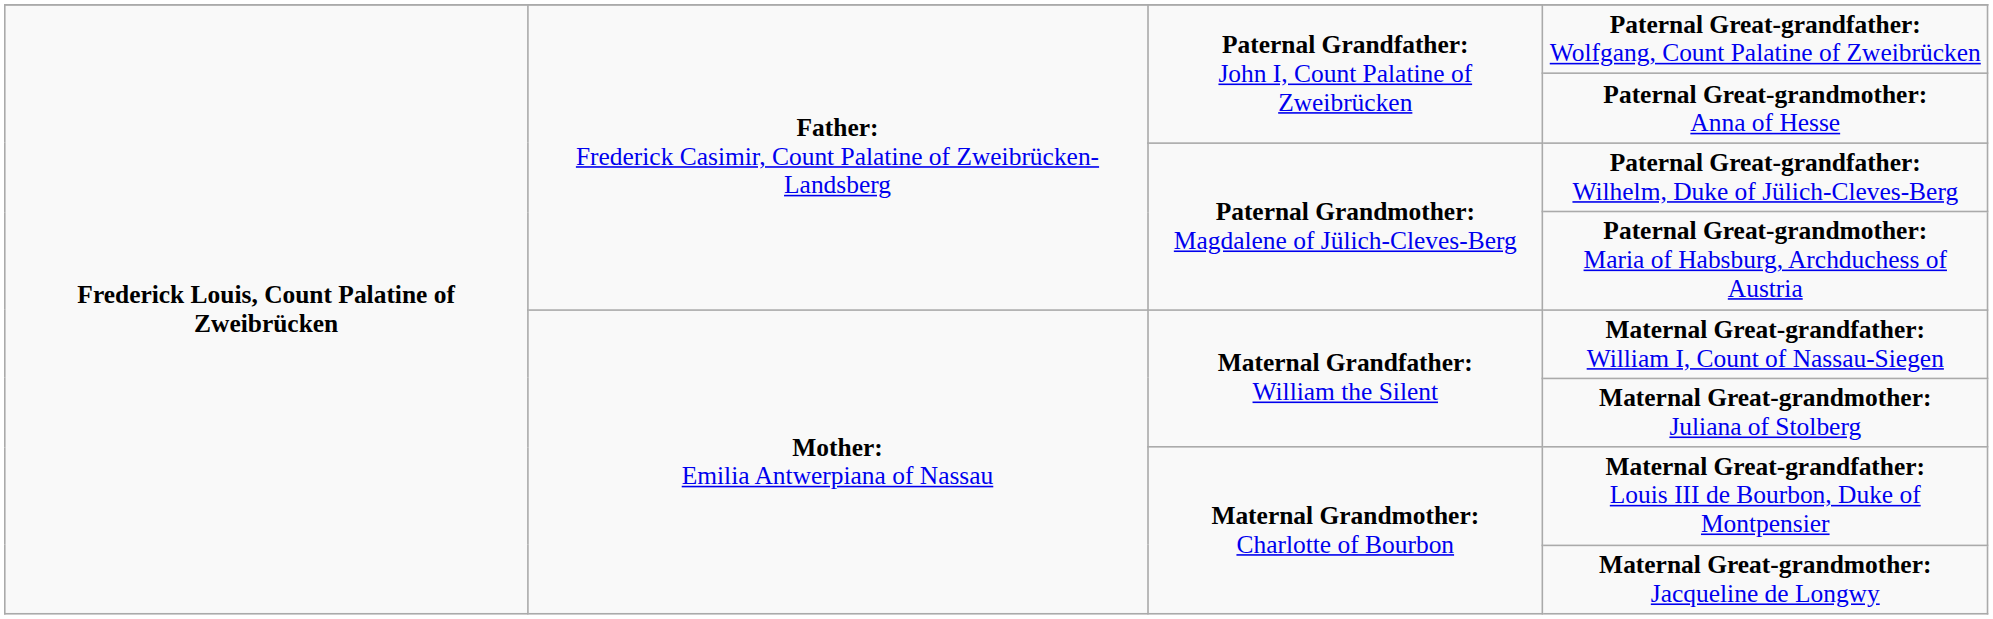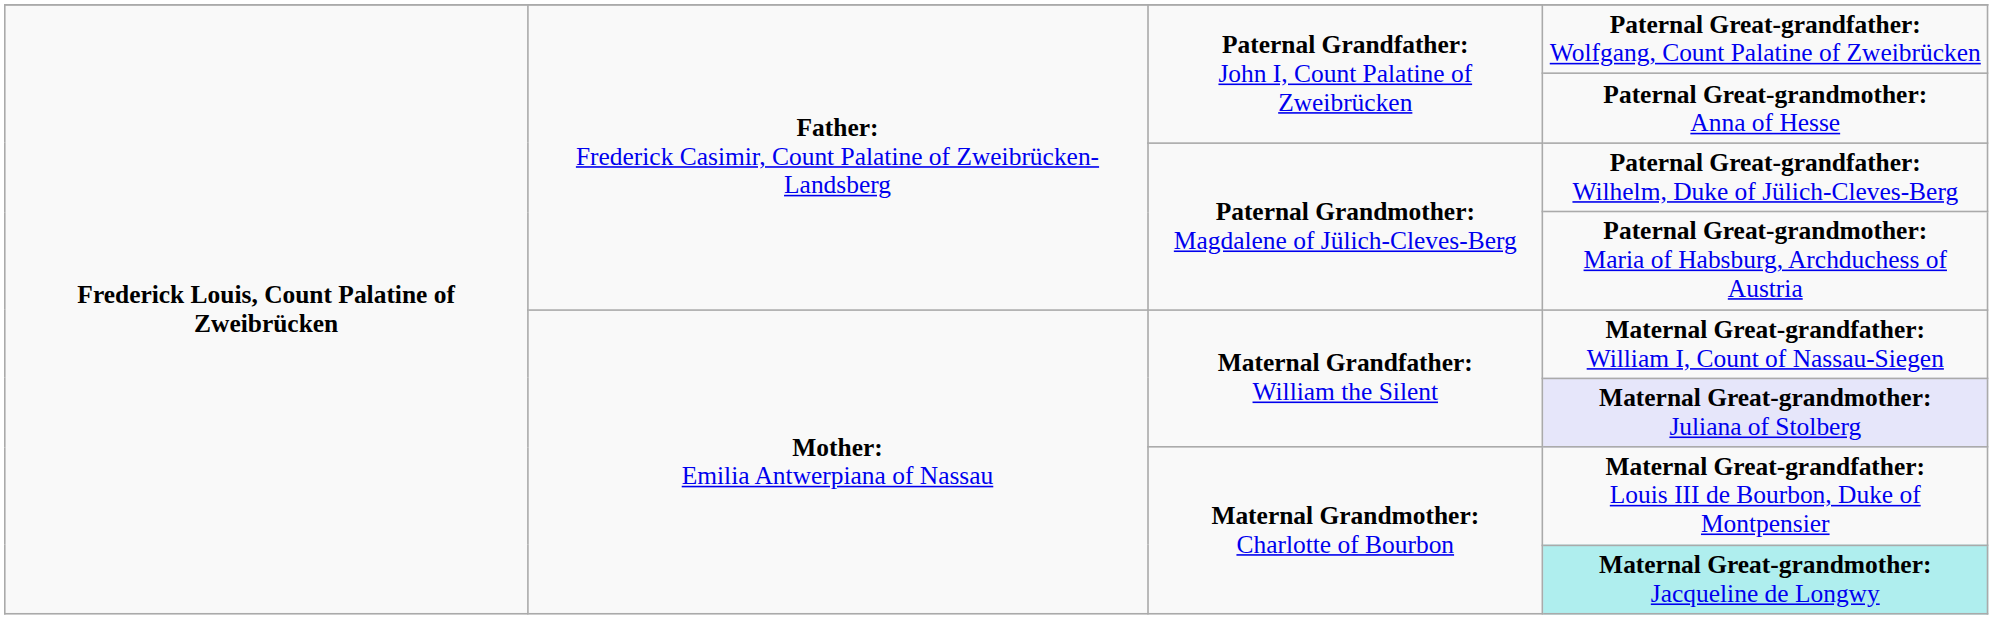 <table class="wikitable">
 <tr>
 </tr>
 <tr>
 <td rowspan="8" align="center"><strong>Frederick Louis, Count Palatine of Zweibrücken</strong></td>
 <td rowspan="4" align="center"><strong>Father:</strong><br><a href='#'>Frederick Casimir, Count Palatine of Zweibrücken-Landsberg</a></td>
 <td rowspan="2" align="center"><strong>Paternal Grandfather:</strong><br><a href='#'>John I, Count Palatine of Zweibrücken</a></td>
 <td align="center"><strong>Paternal Great-grandfather:</strong><br><a href='#'>Wolfgang, Count Palatine of Zweibrücken</a></td>
 </tr>
 <tr>
 <td align="center"><strong>Paternal Great-grandmother:</strong><br><a href='#'>Anna of Hesse</a></td>
 </tr>
 <tr>
 <td rowspan="2" align="center"><strong>Paternal Grandmother:</strong><br><a href='#'>Magdalene of Jülich-Cleves-Berg</a></td>
 <td align="center"><strong>Paternal Great-grandfather:</strong><br><a href='#'>Wilhelm, Duke of Jülich-Cleves-Berg</a></td>
 </tr>
 <tr>
 <td align="center"><strong>Paternal Great-grandmother:</strong><br><a href='#'>Maria of Habsburg, Archduchess of Austria</a></td>
 </tr>
 <tr>
 <td rowspan="4" align="center"><strong>Mother:</strong><br><a href='#'>Emilia Antwerpiana of Nassau</a></td>
 <td rowspan="2" align="center"><strong>Maternal Grandfather:</strong><br><a href='#'>William the Silent</a></td>
 <td align="center"><strong>Maternal Great-grandfather:</strong><br><a href='#'>William I, Count of Nassau-Siegen</a></td>
 </tr>
 <tr>
-<td align="center"><strong>Maternal Great-grandmother:</strong><br><a href='#'>Juliana of Stolberg</a></td>
+<td align="center" style="background: lavender;"><strong>Maternal Great-grandmother:</strong><br><a href='#'>Juliana of Stolberg</a></td>
 </tr>
 <tr>
 <td rowspan="2" align="center"><strong>Maternal Grandmother:</strong><br><a href='#'>Charlotte of Bourbon</a></td>
 <td align="center"><strong>Maternal Great-grandfather:</strong><br><a href='#'>Louis III de Bourbon, Duke of Montpensier</a></td>
 </tr>
 <tr>
-<td align="center"><strong>Maternal Great-grandmother:</strong><br><a href='#'>Jacqueline de Longwy</a></td>
+<td align="center" style="background: paleturquoise;"><strong>Maternal Great-grandmother:</strong><br><a href='#'>Jacqueline de Longwy</a></td>
 </tr>
 </table>
